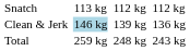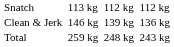 <table>
 <tr>
 <td>Snatch</td>
 <td></td>
 <td>113 kg</td>
 <td></td>
 <td>112 kg</td>
 <td></td>
 <td>112 kg</td>
 </tr>
 <tr>
 <td>Clean & Jerk</td>
 <td></td>
-<td style="background: lightblue;">146 kg</td>
+<td>146 kg</td>
 <td></td>
 <td>139 kg</td>
 <td></td>
 <td>136 kg</td>
 </tr>
 <tr>
 <td>Total</td>
 <td></td>
 <td>259 kg</td>
 <td></td>
 <td>248 kg</td>
 <td></td>
 <td>243 kg</td>
 </tr>
 </table>
